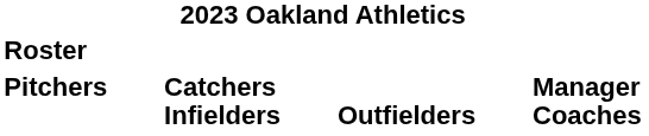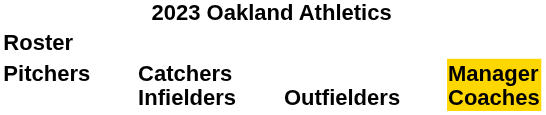 <table class="toccolours" style="font-size: 95%;">
 <tr>
 <th colspan="10">2023 Oakland Athletics</th>
 </tr>
 <tr>
 <td colspan="10"><strong>Roster</strong></td>
 </tr>
 <tr>
 <td valign="top"><strong>Pitchers</strong><br>                                      </td>
 <td style="width:25px;"></td>
 <td valign="top"><strong>Catchers</strong><br>    <strong>Infielders</strong>          </td>
 <td style="width:25px;"></td>
 <td valign="top"><br><strong>Outfielders</strong>         </td>
 <td style="width:25px;"></td>
-<td valign="top"><strong>Manager</strong><br> <strong>Coaches</strong>                    </td>
+<td valign="top" style="background: gold;"><strong>Manager</strong><br> <strong>Coaches</strong>                    </td>
 </tr>
 </table>
